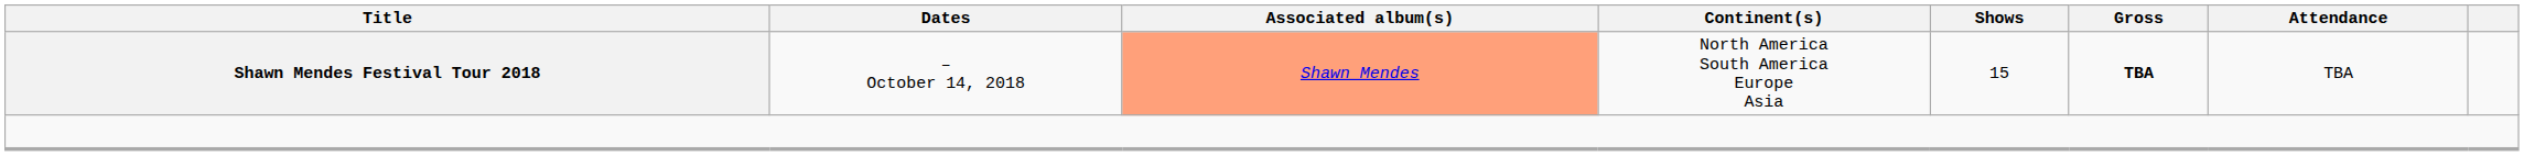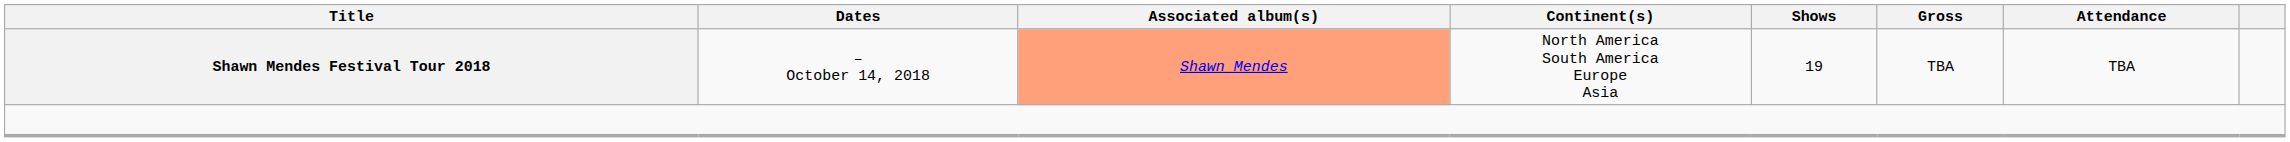 <table class="wikitable sortable plainrowheaders" style="text-align:center;" width="100%">
 <tr>
 <th scope="col">Title</th>
 <th scope="col" width="14%">Dates</th>
 <th scope="col">Associated album(s)</th>
 <th scope="col">Continent(s)</th>
 <th scope="col">Shows</th>
 <th scope="col">Gross</th>
 <th scope="col">Attendance</th>
 <th scope="col" width="2%" class="unsortable"></th>
 </tr>
 <tr>
 <th scope="row">Shawn Mendes Festival Tour 2018</th>
 <td> –<br>October 14, 2018</td>
 <td style="background: lightsalmon;"><em><a href='#'>Shawn Mendes</a></em></td>
 <td>North America<br>South America<br>Europe<br>Asia</td>
-<td>15</td>
-<td><strong>TBA</strong></td>
+<td>19</td>
+<td>TBA</td>
 <td>TBA</td>
 <td><br></td>
 </tr>
 <tr class="expand-child">
 <td colspan="8" style="border-bottom-width:3px; padding:5px;"><br></td>
 </tr>
 </table>
